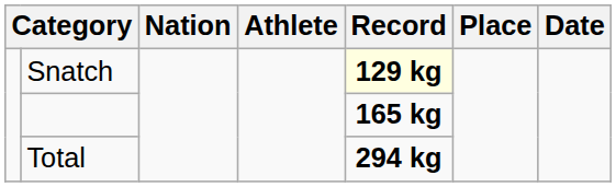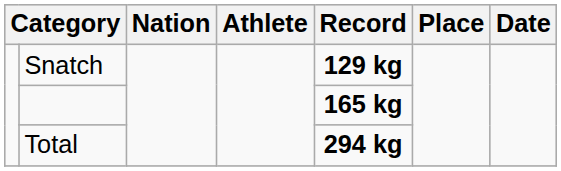 <table class="wikitable" style="text-align:center;">
 <tr>
 <th colspan="2">Category</th>
 <th>Nation</th>
 <th>Athlete</th>
 <th>Record</th>
 <th>Place</th>
 <th>Date</th>
 </tr>
 <tr>
 <td rowspan="3"><strong></strong></td>
 <td align="left">Snatch</td>
 <td align="left" rowspan="3"></td>
 <td align="left" rowspan="3"></td>
-<td style="background: lightyellow;"><strong>129 kg</strong></td>
+<td><strong>129 kg</strong></td>
 <td align="left" rowspan="3"></td>
 <td align="left" rowspan="3"></td>
 </tr>
 <tr>
 <td align="left"></td>
 <td><strong>165 kg</strong></td>
 </tr>
 <tr>
 <td align="left">Total</td>
 <td><strong>294 kg</strong></td>
 </tr>
 </table>
